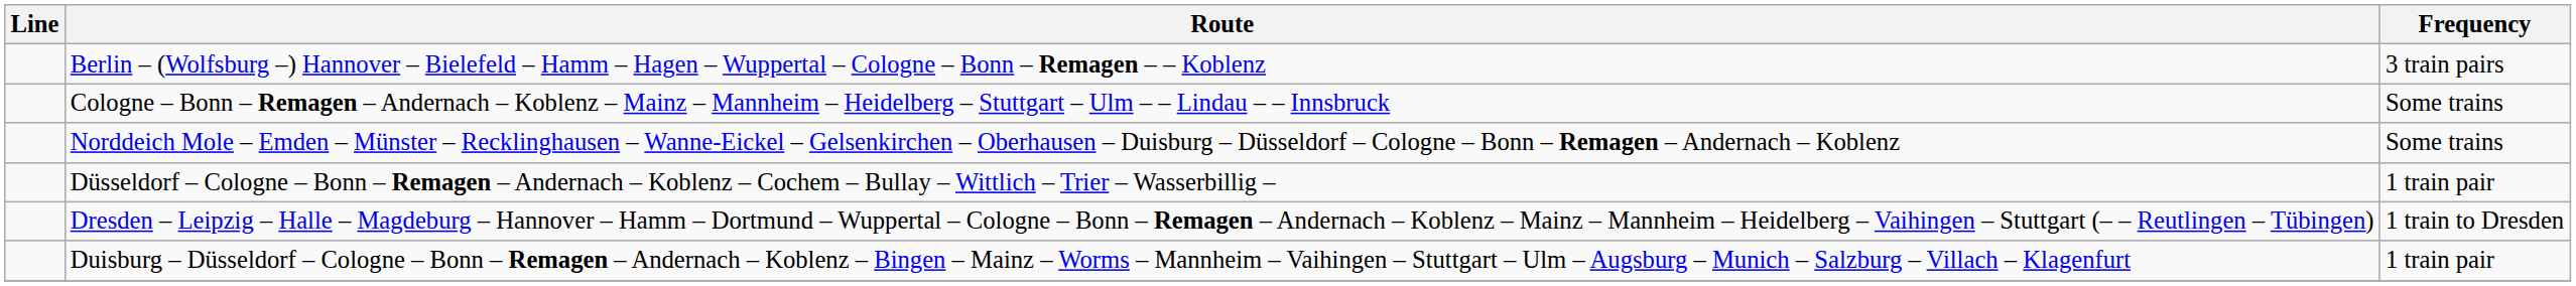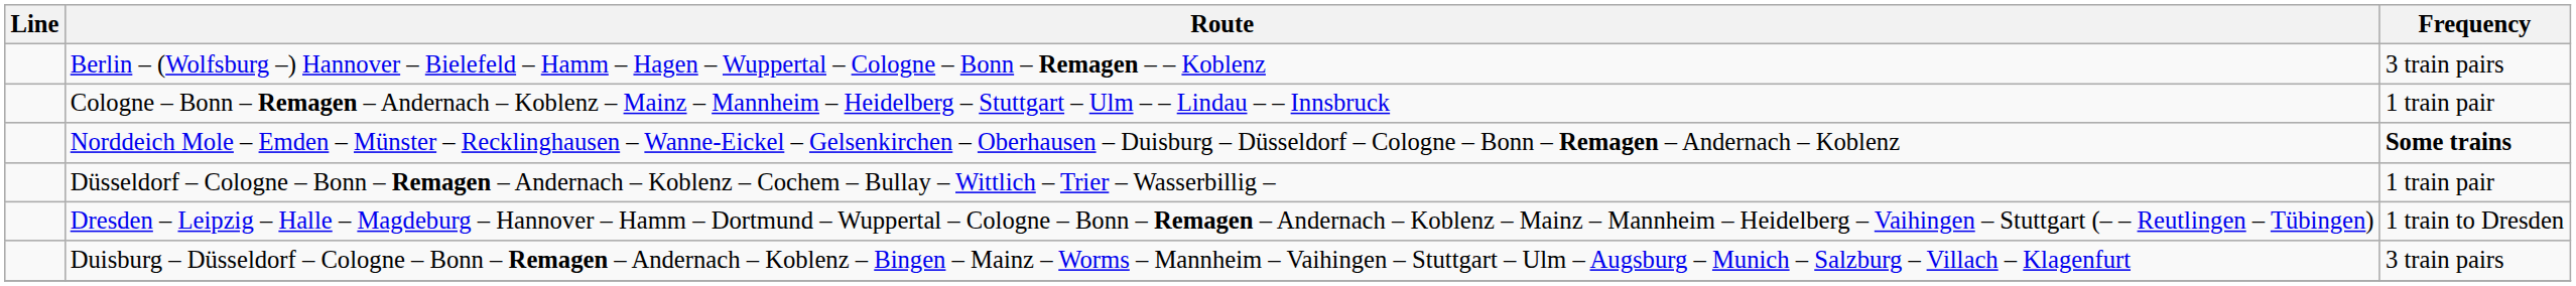 <table class="wikitable zebra">
 <tr>
 <th>Line</th>
 <th>Route</th>
 <th>Frequency</th>
 </tr>
 <tr>
 <td></td>
 <td> <a href='#'>Berlin</a> – (<a href='#'>Wolfsburg</a> –) <a href='#'>Hannover</a> – <a href='#'>Bielefeld</a> – <a href='#'>Hamm</a> – <a href='#'>Hagen</a> – <a href='#'>Wuppertal</a> – <a href='#'>Cologne</a> – <a href='#'>Bonn</a> – <strong>Remagen</strong> –  – <a href='#'>Koblenz</a></td>
 <td>3 train pairs</td>
 </tr>
 <tr>
 <td></td>
 <td>Cologne – Bonn – <strong>Remagen</strong> – Andernach – Koblenz – <a href='#'>Mainz</a> – <a href='#'>Mannheim</a> – <a href='#'>Heidelberg</a> – <a href='#'>Stuttgart</a> – <a href='#'>Ulm</a> –  – <a href='#'>Lindau</a> –  –  <a href='#'>Innsbruck</a></td>
-<td>Some trains</td>
+<td>1 train pair</td>
 </tr>
 <tr>
 <td></td>
 <td><a href='#'>Norddeich Mole</a> – <a href='#'>Emden</a> – <a href='#'>Münster</a> – <a href='#'>Recklinghausen</a> – <a href='#'>Wanne-Eickel</a> – <a href='#'>Gelsenkirchen</a> – <a href='#'>Oberhausen</a> – Duisburg – Düsseldorf – Cologne – Bonn – <strong>Remagen</strong> – Andernach – Koblenz</td>
-<td>Some trains</td>
+<td><strong>Some trains</strong></td>
 </tr>
 <tr>
 <td></td>
 <td>Düsseldorf – Cologne – Bonn – <strong>Remagen</strong> – Andernach – Koblenz – Cochem – Bullay – <a href='#'>Wittlich</a> – <a href='#'>Trier</a> – Wasserbillig – </td>
 <td>1 train pair</td>
 </tr>
 <tr>
 <td></td>
 <td><a href='#'>Dresden</a> – <a href='#'>Leipzig</a> – <a href='#'>Halle</a> – <a href='#'>Magdeburg</a> – Hannover – Hamm – Dortmund – Wuppertal – Cologne – Bonn – <strong>Remagen</strong> – Andernach – Koblenz – Mainz – Mannheim – Heidelberg – <a href='#'>Vaihingen</a> – Stuttgart (–  – <a href='#'>Reutlingen</a> – <a href='#'>Tübingen</a>)</td>
 <td>1 train to Dresden</td>
 </tr>
 <tr>
 <td></td>
 <td>Duisburg – Düsseldorf – Cologne – Bonn – <strong>Remagen</strong> – Andernach – Koblenz – <a href='#'>Bingen</a> – Mainz – <a href='#'>Worms</a> – Mannheim – Vaihingen – Stuttgart – Ulm – <a href='#'>Augsburg</a> – <a href='#'>Munich</a> – <a href='#'>Salzburg</a> – <a href='#'>Villach</a> – <a href='#'>Klagenfurt</a></td>
-<td>1 train pair</td>
+<td>3 train pairs</td>
 </tr>
 <tr>
 </tr>
 </table>
